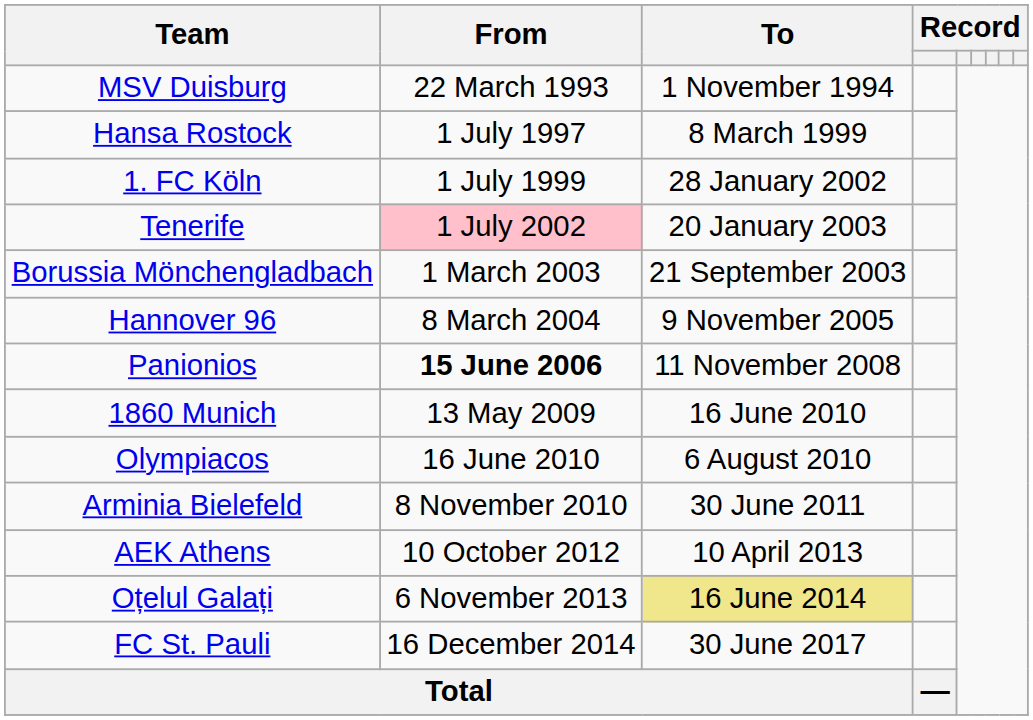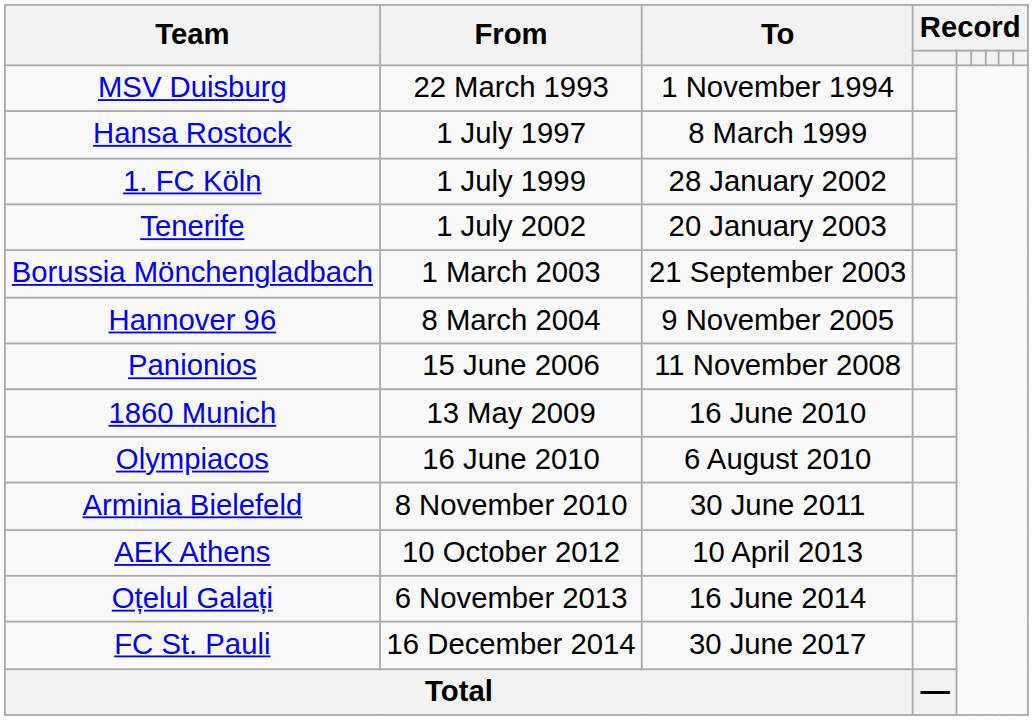 <table class="wikitable" style="text-align: center">
 <tr>
 <th rowspan="2">Team</th>
 <th rowspan="2">From</th>
 <th rowspan="2">To</th>
 <th colspan="6">Record</th>
 </tr>
 <tr>
 <th></th>
 <th></th>
 <th></th>
 <th></th>
 <th></th>
 <th></th>
 </tr>
 <tr>
 <td><a href='#'>MSV Duisburg</a></td>
 <td>22 March 1993</td>
 <td>1 November 1994<br></td>
 <td></td>
 </tr>
 <tr>
 <td><a href='#'>Hansa Rostock</a></td>
 <td>1 July 1997</td>
 <td>8 March 1999<br></td>
 <td></td>
 </tr>
 <tr>
 <td><a href='#'>1. FC Köln</a></td>
 <td>1 July 1999</td>
 <td>28 January 2002<br></td>
 <td></td>
 </tr>
 <tr>
 <td><a href='#'>Tenerife</a></td>
-<td style="background: pink;">1 July 2002</td>
+<td>1 July 2002</td>
 <td>20 January 2003<br></td>
 <td></td>
 </tr>
 <tr>
 <td><a href='#'>Borussia Mönchengladbach</a></td>
 <td>1 March 2003</td>
 <td>21 September 2003<br></td>
 <td></td>
 </tr>
 <tr>
 <td><a href='#'>Hannover 96</a></td>
 <td>8 March 2004</td>
 <td>9 November 2005<br></td>
 <td></td>
 </tr>
 <tr>
 <td><a href='#'>Panionios</a></td>
-<td><strong>15 June 2006</strong></td>
+<td>15 June 2006</td>
 <td>11 November 2008<br></td>
 <td></td>
 </tr>
 <tr>
 <td><a href='#'>1860 Munich</a></td>
 <td>13 May 2009</td>
 <td>16 June 2010<br></td>
 <td></td>
 </tr>
 <tr>
 <td><a href='#'>Olympiacos</a></td>
 <td>16 June 2010</td>
 <td>6 August 2010<br></td>
 <td></td>
 </tr>
 <tr>
 <td><a href='#'>Arminia Bielefeld</a></td>
 <td>8 November 2010</td>
 <td>30 June 2011<br></td>
 <td></td>
 </tr>
 <tr>
 <td><a href='#'>AEK Athens</a></td>
 <td>10 October 2012</td>
 <td>10 April 2013<br></td>
 <td></td>
 </tr>
 <tr>
 <td><a href='#'>Oțelul Galați</a></td>
 <td>6 November 2013</td>
-<td style="background: khaki;">16 June 2014<br></td>
+<td>16 June 2014<br></td>
 <td></td>
 </tr>
 <tr>
 <td><a href='#'>FC St. Pauli</a></td>
 <td>16 December 2014</td>
 <td>30 June 2017<br></td>
 <td></td>
 </tr>
 <tr>
 <th colspan="3">Total<br></th>
 <th>—</th>
 </tr>
 </table>
